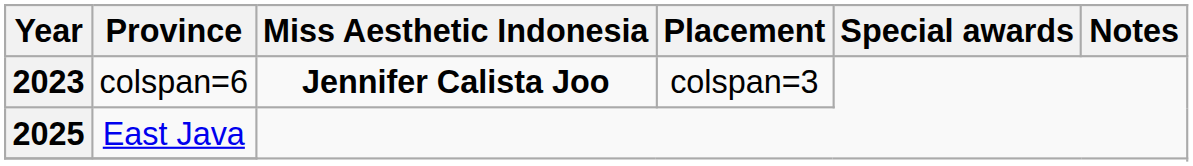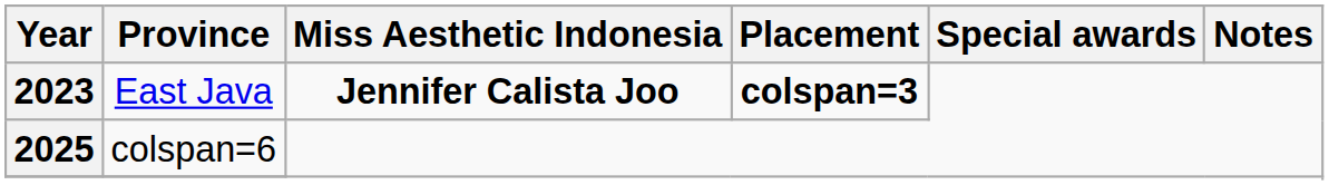 <table class="wikitable " style="font-size: 95%; text-align:center;">
 <tr>
 <th>Year</th>
 <th>Province</th>
 <th>Miss Aesthetic Indonesia</th>
 <th>Placement</th>
 <th>Special awards</th>
 <th>Notes</th>
 </tr>
 <tr>
 <th>2023</th>
-<td>colspan=6 </td>
+<td><a href='#'>East Java</a></td>
 <td><strong>Jennifer Calista Joo</strong></td>
-<td>colspan=3 </td>
+<td><strong>colspan=3 </strong></td>
 </tr>
 <tr>
 <th>2025</th>
-<td><a href='#'>East Java</a></td>
+<td>colspan=6 </td>
 </tr>
 <tr>
 </tr>
 </table>
